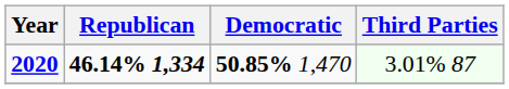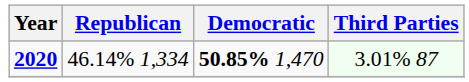 <table class="wikitable" style="float:right; font-size:95%;">
 <tr bgcolor=lightgrey>
 <th>Year</th>
 <th><a href='#'>Republican</a></th>
 <th><a href='#'>Democratic</a></th>
 <th><a href='#'>Third Parties</a></th>
 </tr>
 <tr>
 <td style="text-align:center; "><strong><a href='#'>2020</a></strong></td>
-<td style="text-align:center; "><strong>46.14% <em>1,334</em></strong></td>
+<td style="text-align:center; ">46.14% <em>1,334</em></td>
 <td style="text-align:center; "><strong>50.85%</strong> <em>1,470</em></td>
 <td style="text-align:center; background:honeyDew;">3.01% <em>87</em></td>
 </tr>
 <tr>
 </tr>
 </table>
